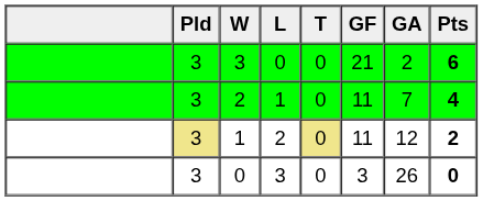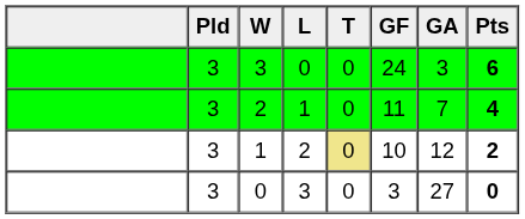 <table border=1 cellpadding=5 cellspacing=0>
 <tr>
 <th bgcolor="#efefef" width="120"></th>
 <th bgcolor="#efefef" width="20">Pld</th>
 <th bgcolor="#efefef" width="20">W</th>
 <th bgcolor="#efefef" width="20">L</th>
 <th bgcolor="#efefef" width="20">T</th>
 <th bgcolor="#efefef" width="20">GF</th>
 <th bgcolor="#efefef" width="20">GA</th>
 <th bgcolor="#efefef" width="20">Pts</th>
 </tr>
 <tr align=center bgcolor="lime">
 <td align=left></td>
 <td>3</td>
 <td>3</td>
 <td>0</td>
 <td>0</td>
-<td>21</td>
-<td>2</td>
+<td>24</td>
+<td>3</td>
 <td><strong>6</strong></td>
 </tr>
 <tr align=center bgcolor="lime">
 <td align=left></td>
 <td>3</td>
 <td>2</td>
 <td>1</td>
 <td>0</td>
 <td>11</td>
 <td>7</td>
 <td><strong>4</strong></td>
 </tr>
 <tr align=center>
 <td align=left></td>
-<td style="background: khaki;">3</td>
+<td>3</td>
 <td>1</td>
 <td>2</td>
 <td style="background: khaki;">0</td>
-<td>11</td>
+<td>10</td>
 <td>12</td>
 <td><strong>2</strong></td>
 </tr>
 <tr align=center>
 <td align=left></td>
 <td>3</td>
 <td>0</td>
 <td>3</td>
 <td>0</td>
 <td>3</td>
-<td>26</td>
+<td>27</td>
 <td><strong>0</strong></td>
 </tr>
 <tr align=center>
 </tr>
 </table>
